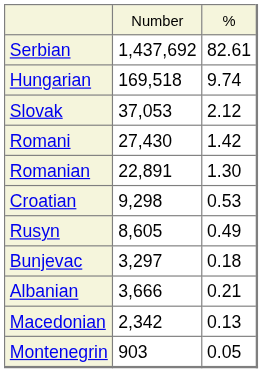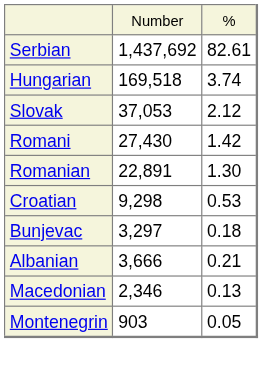 <table border="1" cellpadding="4" cellspacing="0" class="toccolours" style="align:left; margin:0.5em 0 0; border-style:solid; border:1px solid #7f7f7f; border-right-width:2px; border-bottom-width:2px; border-collapse:collapse; font-size:95%;">
 <tr style="background:beige;">
 <td style="background:beige;"></td>
 <td style="text-align:center;"><small>Number</small></td>
 <td style="text-align:center;"><small>%</small></td>
 </tr>
 <tr>
 <td style="background:beige;"><a href='#'>Serbian</a></td>
 <td>1,437,692</td>
 <td>82.61</td>
 </tr>
 <tr>
 <td style="background:beige;"><a href='#'>Hungarian</a></td>
 <td>169,518</td>
-<td>9.74</td>
+<td>3.74</td>
 </tr>
 <tr>
 <td style="background:beige;"><a href='#'>Slovak</a></td>
 <td>37,053</td>
 <td>2.12</td>
 </tr>
 <tr>
 <td style="background:beige;"><a href='#'>Romani</a></td>
 <td>27,430</td>
 <td>1.42</td>
 </tr>
 <tr>
 <td style="background:beige;"><a href='#'>Romanian</a></td>
 <td>22,891</td>
 <td>1.30</td>
 </tr>
 <tr>
 <td style="background:beige;"><a href='#'>Croatian</a></td>
 <td>9,298</td>
 <td>0.53</td>
 </tr>
 <tr>
-<td style="background:beige;"><a href='#'>Rusyn</a></td>
-<td>8,605</td>
-<td>0.49</td>
-</tr>
-<tr>
 <td style="background:beige;"><a href='#'>Bunjevac</a></td>
 <td>3,297</td>
 <td>0.18</td>
 </tr>
 <tr>
 <td style="background:beige;"><a href='#'>Albanian</a></td>
 <td>3,666</td>
 <td>0.21</td>
 </tr>
 <tr>
 <td style="background:beige;"><a href='#'>Macedonian</a></td>
-<td>2,342</td>
+<td>2,346</td>
 <td>0.13</td>
 </tr>
 <tr>
 <td style="background:beige;"><a href='#'>Montenegrin</a></td>
 <td>903</td>
 <td>0.05</td>
 </tr>
 </table>
